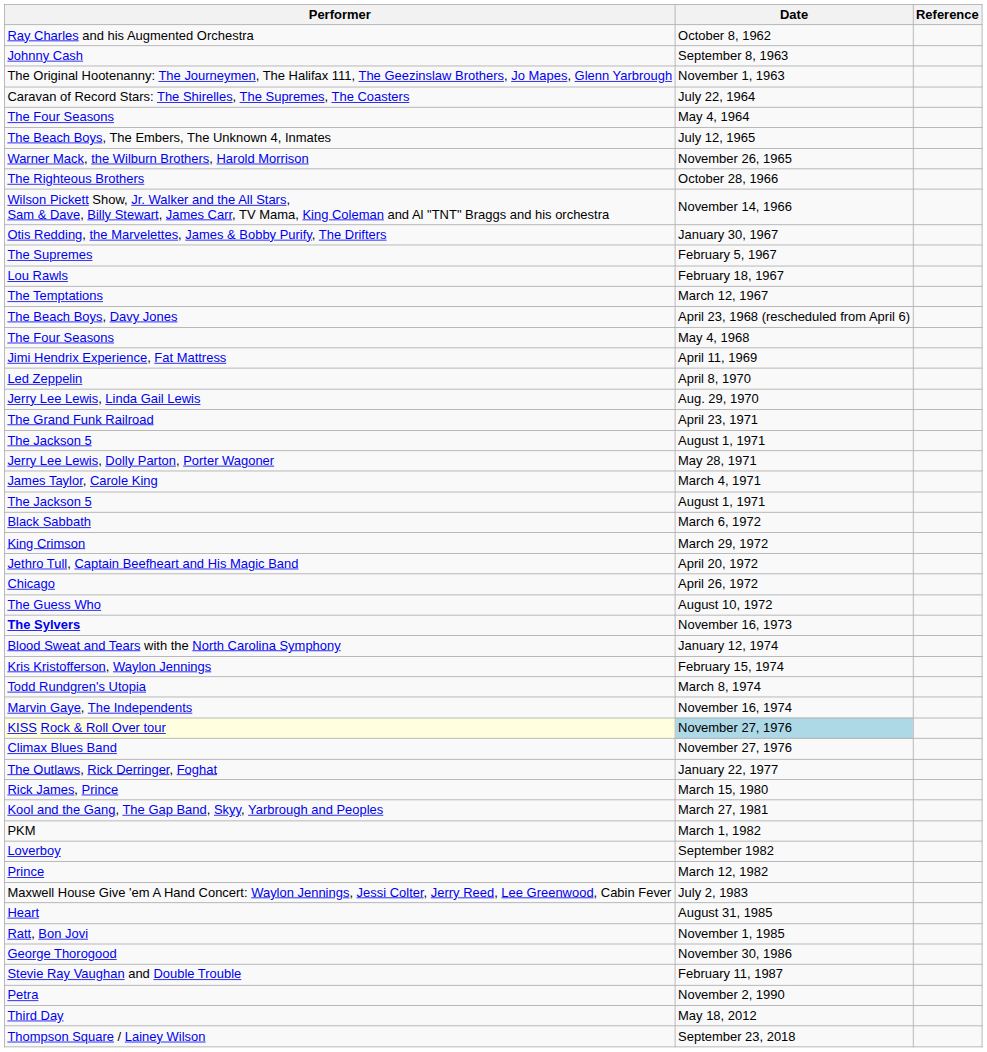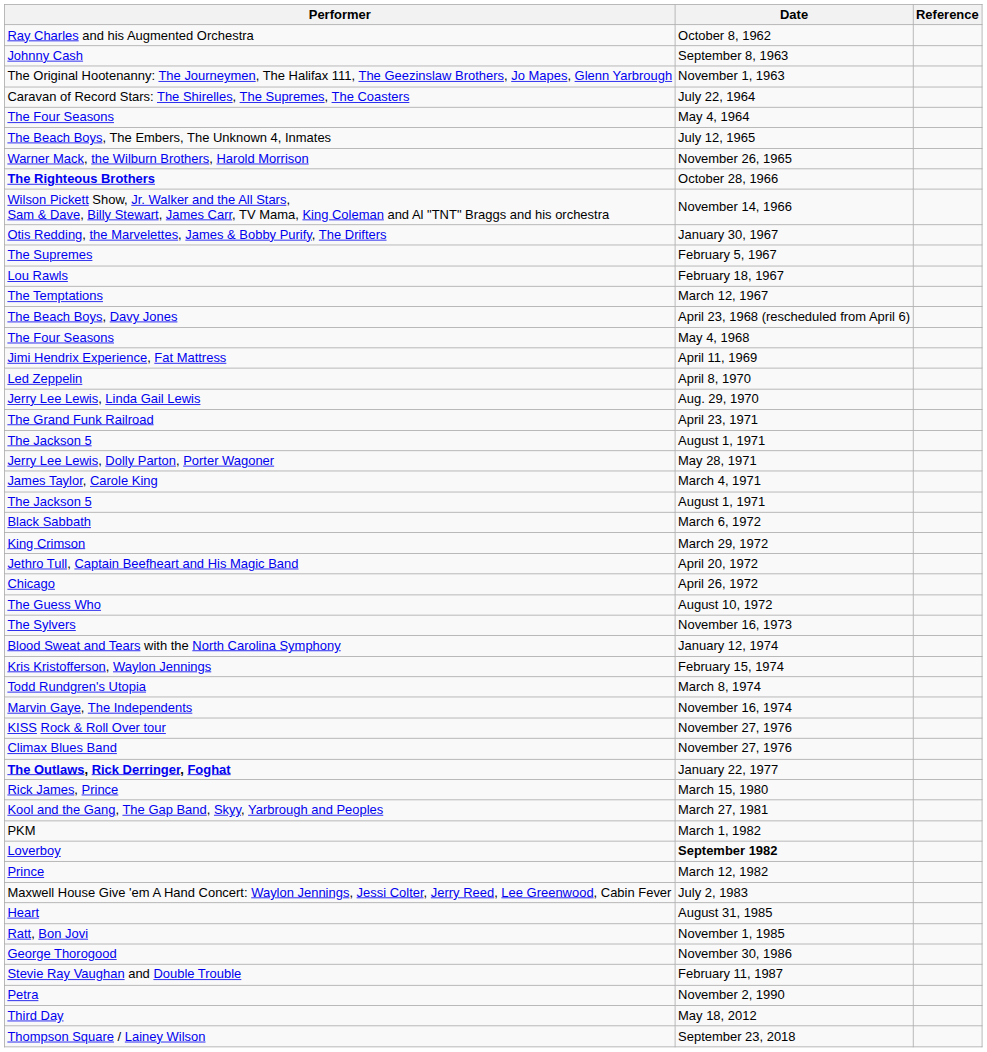 <table class="wikitable">
 <tr>
 <th>Performer</th>
 <th>Date</th>
 <th>Reference</th>
 </tr>
 <tr>
 <td><a href='#'>Ray Charles</a> and his Augmented Orchestra</td>
 <td>October 8, 1962</td>
 <td></td>
 </tr>
 <tr>
 <td><a href='#'>Johnny Cash</a></td>
 <td>September 8, 1963</td>
 <td></td>
 </tr>
 <tr>
 <td>The Original Hootenanny: <a href='#'>The Journeymen</a>, The Halifax 111, <a href='#'>The Geezinslaw Brothers</a>, <a href='#'>Jo Mapes</a>, <a href='#'>Glenn Yarbrough</a></td>
 <td>November 1, 1963</td>
 <td></td>
 </tr>
 <tr>
 <td>Caravan of Record Stars: <a href='#'>The Shirelles</a>, <a href='#'>The Supremes</a>, <a href='#'>The Coasters</a></td>
 <td>July 22, 1964</td>
 <td></td>
 </tr>
 <tr>
 <td><a href='#'>The Four Seasons</a></td>
 <td>May 4, 1964</td>
 <td></td>
 </tr>
 <tr>
 <td><a href='#'>The Beach Boys</a>, The Embers, The Unknown 4, Inmates</td>
 <td>July 12, 1965</td>
 <td></td>
 </tr>
 <tr>
 <td><a href='#'>Warner Mack</a>, <a href='#'>the Wilburn Brothers</a>, <a href='#'>Harold Morrison</a></td>
 <td>November 26, 1965</td>
 <td></td>
 </tr>
 <tr>
-<td><a href='#'>The Righteous Brothers</a></td>
+<td><strong><a href='#'>The Righteous Brothers</a></strong></td>
 <td>October 28, 1966</td>
 <td></td>
 </tr>
 <tr>
 <td><a href='#'>Wilson Pickett</a> Show, <a href='#'>Jr. Walker and the All Stars</a>,<br><a href='#'>Sam & Dave</a>, <a href='#'>Billy Stewart</a>, <a href='#'>James Carr</a>, TV Mama,  <a href='#'>King Coleman</a> and Al "TNT" Braggs and his orchestra</td>
 <td>November 14, 1966</td>
 <td></td>
 </tr>
 <tr>
 <td><a href='#'>Otis Redding</a>, <a href='#'>the Marvelettes</a>, <a href='#'>James & Bobby Purify</a>, <a href='#'>The Drifters</a></td>
 <td>January 30, 1967</td>
 <td></td>
 </tr>
 <tr>
 <td><a href='#'>The Supremes</a></td>
 <td>February 5, 1967</td>
 <td></td>
 </tr>
 <tr>
 <td><a href='#'>Lou Rawls</a></td>
 <td>February 18, 1967</td>
 <td></td>
 </tr>
 <tr>
 <td><a href='#'>The Temptations</a></td>
 <td>March 12, 1967</td>
 <td></td>
 </tr>
 <tr>
 <td><a href='#'>The Beach Boys</a>, <a href='#'>Davy Jones</a></td>
 <td>April 23, 1968 (rescheduled from April 6)</td>
 <td></td>
 </tr>
 <tr>
 <td><a href='#'>The Four Seasons</a></td>
 <td>May 4, 1968</td>
 <td></td>
 </tr>
 <tr>
 <td><a href='#'>Jimi Hendrix Experience</a>, <a href='#'>Fat Mattress</a></td>
 <td>April 11, 1969</td>
 <td></td>
 </tr>
 <tr>
 <td><a href='#'>Led Zeppelin</a></td>
 <td>April 8, 1970</td>
 <td></td>
 </tr>
 <tr>
 <td><a href='#'>Jerry Lee Lewis</a>, <a href='#'>Linda Gail Lewis</a></td>
 <td>Aug. 29, 1970</td>
 <td></td>
 </tr>
 <tr>
 <td><a href='#'>The Grand Funk Railroad</a></td>
 <td>April 23, 1971</td>
 <td></td>
 </tr>
 <tr>
 <td><a href='#'>The Jackson 5</a></td>
 <td>August 1, 1971</td>
 <td></td>
 </tr>
 <tr>
 <td><a href='#'>Jerry Lee Lewis</a>, <a href='#'>Dolly Parton</a>, <a href='#'>Porter Wagoner</a></td>
 <td>May 28, 1971</td>
 <td></td>
 </tr>
 <tr>
 <td><a href='#'>James Taylor</a>, <a href='#'>Carole King</a></td>
 <td>March 4, 1971</td>
 <td></td>
 </tr>
 <tr>
 <td><a href='#'>The Jackson 5</a></td>
 <td>August 1, 1971</td>
 <td></td>
 </tr>
 <tr>
 <td><a href='#'>Black Sabbath</a></td>
 <td>March 6, 1972</td>
 <td></td>
 </tr>
 <tr>
 <td><a href='#'>King Crimson</a></td>
 <td>March 29, 1972</td>
 <td></td>
 </tr>
 <tr>
 <td><a href='#'>Jethro Tull</a>, <a href='#'>Captain Beefheart and His Magic Band</a></td>
 <td>April 20, 1972</td>
 <td></td>
 </tr>
 <tr>
 <td><a href='#'>Chicago</a></td>
 <td>April 26, 1972</td>
 </tr>
 <tr>
 <td><a href='#'>The Guess Who</a></td>
 <td>August 10, 1972</td>
 <td></td>
 </tr>
 <tr>
-<td><strong><a href='#'>The Sylvers</a></strong></td>
+<td><a href='#'>The Sylvers</a></td>
 <td>November 16, 1973</td>
 <td></td>
 </tr>
 <tr>
 <td><a href='#'>Blood Sweat and Tears</a> with the <a href='#'>North Carolina Symphony</a></td>
 <td>January 12, 1974</td>
 <td></td>
 </tr>
 <tr>
 <td><a href='#'>Kris Kristofferson</a>, <a href='#'>Waylon Jennings</a></td>
 <td>February 15, 1974</td>
 <td></td>
 </tr>
 <tr>
 <td><a href='#'>Todd Rundgren's Utopia</a></td>
 <td>March 8, 1974</td>
 <td></td>
 </tr>
 <tr>
 <td><a href='#'>Marvin Gaye</a>, <a href='#'>The Independents</a></td>
 <td>November 16, 1974</td>
 <td></td>
 </tr>
 <tr>
-<td style="background: lightyellow;"><a href='#'>KISS</a> <a href='#'>Rock & Roll Over tour</a></td>
-<td style="background: lightblue;">November 27, 1976</td>
+<td><a href='#'>KISS</a> <a href='#'>Rock & Roll Over tour</a></td>
+<td>November 27, 1976</td>
 <td></td>
 </tr>
 <tr>
 <td><a href='#'>Climax Blues Band</a></td>
 <td>November 27, 1976</td>
 <td></td>
 </tr>
 <tr>
-<td><a href='#'>The Outlaws</a>, <a href='#'>Rick Derringer</a>, <a href='#'>Foghat</a></td>
+<td><strong><a href='#'>The Outlaws</a>, <a href='#'>Rick Derringer</a>, <a href='#'>Foghat</a></strong></td>
 <td>January 22, 1977</td>
 <td></td>
 </tr>
 <tr>
 <td><a href='#'>Rick James</a>, <a href='#'>Prince</a></td>
 <td>March 15, 1980</td>
 <td></td>
 </tr>
 <tr>
 <td><a href='#'>Kool and the Gang</a>, <a href='#'>The Gap Band</a>, <a href='#'>Skyy</a>, <a href='#'>Yarbrough and Peoples</a></td>
 <td>March 27, 1981</td>
 <td></td>
 </tr>
 <tr>
 <td>PKM</td>
 <td>March 1, 1982</td>
 <td></td>
 </tr>
 <tr>
 <td><a href='#'>Loverboy</a></td>
-<td>September 1982</td>
+<td><strong>September 1982</strong></td>
 <td></td>
 </tr>
 <tr>
 <td><a href='#'>Prince</a></td>
 <td>March 12, 1982</td>
 <td></td>
 </tr>
 <tr>
 <td>Maxwell  House Give 'em A Hand Concert: <a href='#'>Waylon Jennings</a>, <a href='#'>Jessi Colter</a>, <a href='#'>Jerry Reed</a>,  <a href='#'>Lee Greenwood</a>, Cabin Fever</td>
 <td>July 2, 1983</td>
 <td></td>
 </tr>
 <tr>
 <td><a href='#'>Heart</a></td>
 <td>August 31, 1985</td>
 <td></td>
 </tr>
 <tr>
 <td><a href='#'>Ratt</a>, <a href='#'>Bon Jovi</a></td>
 <td>November 1, 1985</td>
 <td></td>
 </tr>
 <tr>
 <td><a href='#'>George Thorogood</a></td>
 <td>November 30, 1986</td>
 <td></td>
 </tr>
 <tr>
 <td><a href='#'>Stevie Ray Vaughan</a> and <a href='#'>Double Trouble</a></td>
 <td>February 11, 1987</td>
 <td></td>
 </tr>
 <tr>
 <td><a href='#'>Petra</a></td>
 <td>November 2, 1990</td>
 <td></td>
 </tr>
 <tr>
 <td><a href='#'>Third Day</a></td>
 <td>May 18, 2012</td>
 <td></td>
 </tr>
 <tr>
 <td><a href='#'>Thompson Square</a> / <a href='#'>Lainey Wilson</a></td>
 <td>September 23, 2018</td>
 <td></td>
 </tr>
 </table>
